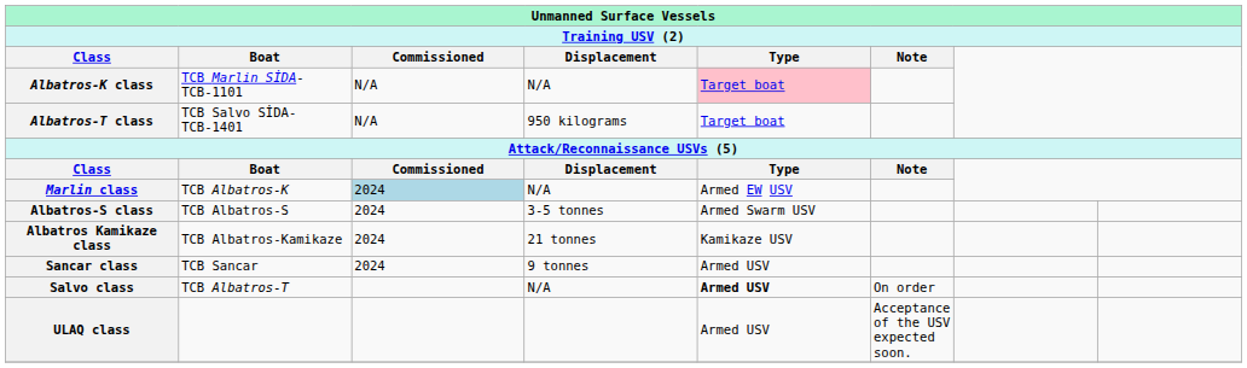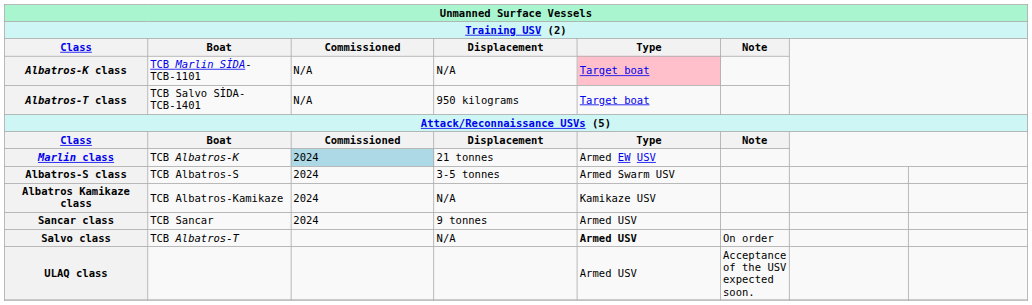 <table class="wikitable" style="margin:auto; width:100%;">
 <tr>
 <th style="align: center; background: #A9F5D0;" colspan="8">Unmanned Surface Vessels</th>
 </tr>
 <tr>
 <th style="align: center; background: #CEF6F5;" colspan="8"><a href='#'>Training USV</a> (2)</th>
 </tr>
 <tr>
 <th style="text-align:center; width:14%;"><a href='#'>Class</a></th>
 <th style="text-align:center; width:14%;">Boat</th>
 <th style="text-align:center; width:14%;">Commissioned</th>
 <th style="text-align:center; width:14%;">Displacement</th>
 <th style="text-align:center; width:14%;">Type</th>
 <th style="text-align:center; width:2%;">Note</th>
 </tr>
 <tr>
 <th><em>Albatros-K</em> class</th>
 <td><a href='#'>TCB <em>Marlin SİDA</em></a>-<br>TCB-1101</td>
 <td>N/A</td>
 <td>N/A</td>
 <td style="background: pink;"><a href='#'>Target boat</a></td>
 <td></td>
 </tr>
 <tr>
 <th><em>Albatros-T</em> class</th>
 <td>TCB Salvo SİDA-<br>TCB-1401</td>
 <td>N/A</td>
 <td>950 kilograms</td>
 <td><a href='#'>Target boat</a></td>
 <td></td>
 </tr>
 <tr>
 <th style="align: center; background: #CEF6F5;" colspan="8"><a href='#'>Attack/Reconnaissance USVs</a> (5)</th>
 </tr>
 <tr>
 <th style="text-align:center; width:14%;"><a href='#'>Class</a></th>
 <th style="text-align:center; width:14%;">Boat</th>
 <th style="text-align:center; width:14%;">Commissioned</th>
 <th style="text-align:center; width:14%;">Displacement</th>
 <th style="text-align:center; width:14%;">Type</th>
 <th style="text-align:center; width:2%;">Note</th>
 </tr>
 <tr>
 <th><a href='#'><em>Marlin</em> class</a></th>
 <td>TCB <em>Albatros-K</em></td>
 <td style="background: lightblue;">2024</td>
-<td>N/A</td>
+<td>21 tonnes</td>
 <td>Armed <a href='#'>EW</a> <a href='#'>USV</a></td>
 <td></td>
 </tr>
 <tr>
 <th>Albatros-S class</th>
 <td>TCB Albatros-S</td>
 <td>2024</td>
 <td>3-5 tonnes</td>
 <td>Armed Swarm USV</td>
 <td></td>
 <td></td>
 <td></td>
 </tr>
 <tr>
 <th>Albatros Kamikaze class</th>
 <td>TCB Albatros-Kamikaze</td>
 <td>2024</td>
-<td>21 tonnes</td>
+<td>N/A</td>
 <td>Kamikaze USV</td>
 <td></td>
 <td></td>
 <td></td>
 </tr>
 <tr>
 <th>Sancar class</th>
 <td>TCB Sancar</td>
 <td>2024</td>
 <td>9 tonnes</td>
 <td>Armed USV</td>
 <td></td>
 <td></td>
 <td></td>
 </tr>
 <tr>
 <th>Salvo class</th>
 <td>TCB <em>Albatros-T</em></td>
 <td></td>
 <td>N/A</td>
 <td><strong>Armed USV</strong></td>
 <td>On order</td>
 <td></td>
 <td></td>
 </tr>
 <tr>
 <th>ULAQ class</th>
 <td></td>
 <td></td>
 <td></td>
 <td>Armed USV</td>
 <td>Acceptance of the USV expected soon.</td>
 <td></td>
 <td></td>
 </tr>
 <tr>
 </tr>
 </table>
